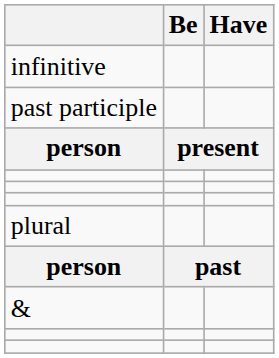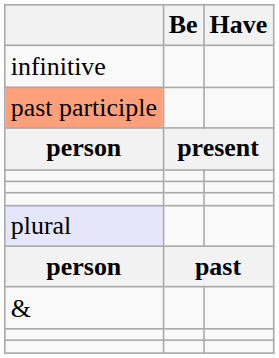 <table class="wikitable">
 <tr>
 <th></th>
 <th>Be</th>
 <th>Have</th>
 </tr>
 <tr>
 <td>infinitive</td>
 <td></td>
 <td></td>
 </tr>
 <tr>
-<td>past participle</td>
+<td style="background: lightsalmon;">past participle</td>
 <td></td>
 <td></td>
 </tr>
 <tr>
 <th>person</th>
 <th colspan=3>present</th>
 </tr>
 <tr>
 <td></td>
 <td></td>
 <td></td>
 </tr>
 <tr>
 <td></td>
 <td></td>
 <td></td>
 </tr>
 <tr>
 <td></td>
 <td></td>
 <td></td>
 </tr>
 <tr>
-<td>plural</td>
+<td style="background: lavender;">plural</td>
 <td></td>
 <td></td>
 </tr>
 <tr>
 <th>person</th>
 <th colspan=3>past</th>
 </tr>
 <tr>
 <td> & </td>
 <td></td>
 <td></td>
 </tr>
 <tr>
 <td></td>
 <td></td>
 <td></td>
 </tr>
 <tr>
 <td></td>
 <td></td>
 <td></td>
 </tr>
 </table>
